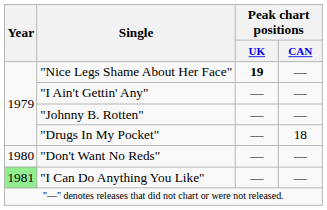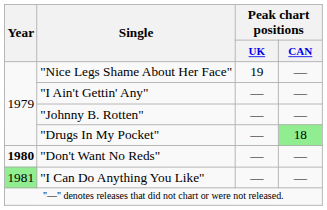 <table class="wikitable">
 <tr>
 <th scope="col" rowspan="2">Year</th>
 <th scope="col" rowspan="2">Single</th>
 <th scope="col" colspan="4">Peak chart positions</th>
 </tr>
 <tr>
 <th style="width:45px;"><small><a href='#'>UK</a></small><br></th>
 <th style="width:45px;"><small><a href='#'>CAN</a></small><br></th>
 </tr>
 <tr>
 <td rowspan="4">1979</td>
 <td>"Nice Legs Shame About Her Face"</td>
-<td align=center><strong>19</strong></td>
+<td align=center>19</td>
 <td align=center>―</td>
 </tr>
 <tr>
 <td>"I Ain't Gettin' Any"</td>
 <td align=center>―</td>
 <td align=center>―</td>
 </tr>
 <tr>
 <td>"Johnny B. Rotten"</td>
 <td align=center>―</td>
 <td align=center>―</td>
 </tr>
 <tr>
 <td>"Drugs In My Pocket"</td>
 <td align=center>―</td>
-<td align=center>18</td>
+<td align=center style="background: lightgreen;">18</td>
 </tr>
 <tr>
-<td rowspan="1">1980</td>
+<td rowspan="1"><strong>1980</strong></td>
 <td>"Don't Want No Reds"</td>
 <td align=center>―</td>
 <td align=center>―</td>
 </tr>
 <tr>
 <td rowspan="1" style="background: lightgreen;">1981</td>
 <td>"I Can Do Anything You Like"</td>
 <td align=center>―</td>
 <td align=center>―</td>
 </tr>
 <tr>
 <td colspan="6" style="text-align:center; font-size:9pt;">"—" denotes releases that did not chart or were not released.</td>
 </tr>
 </table>
